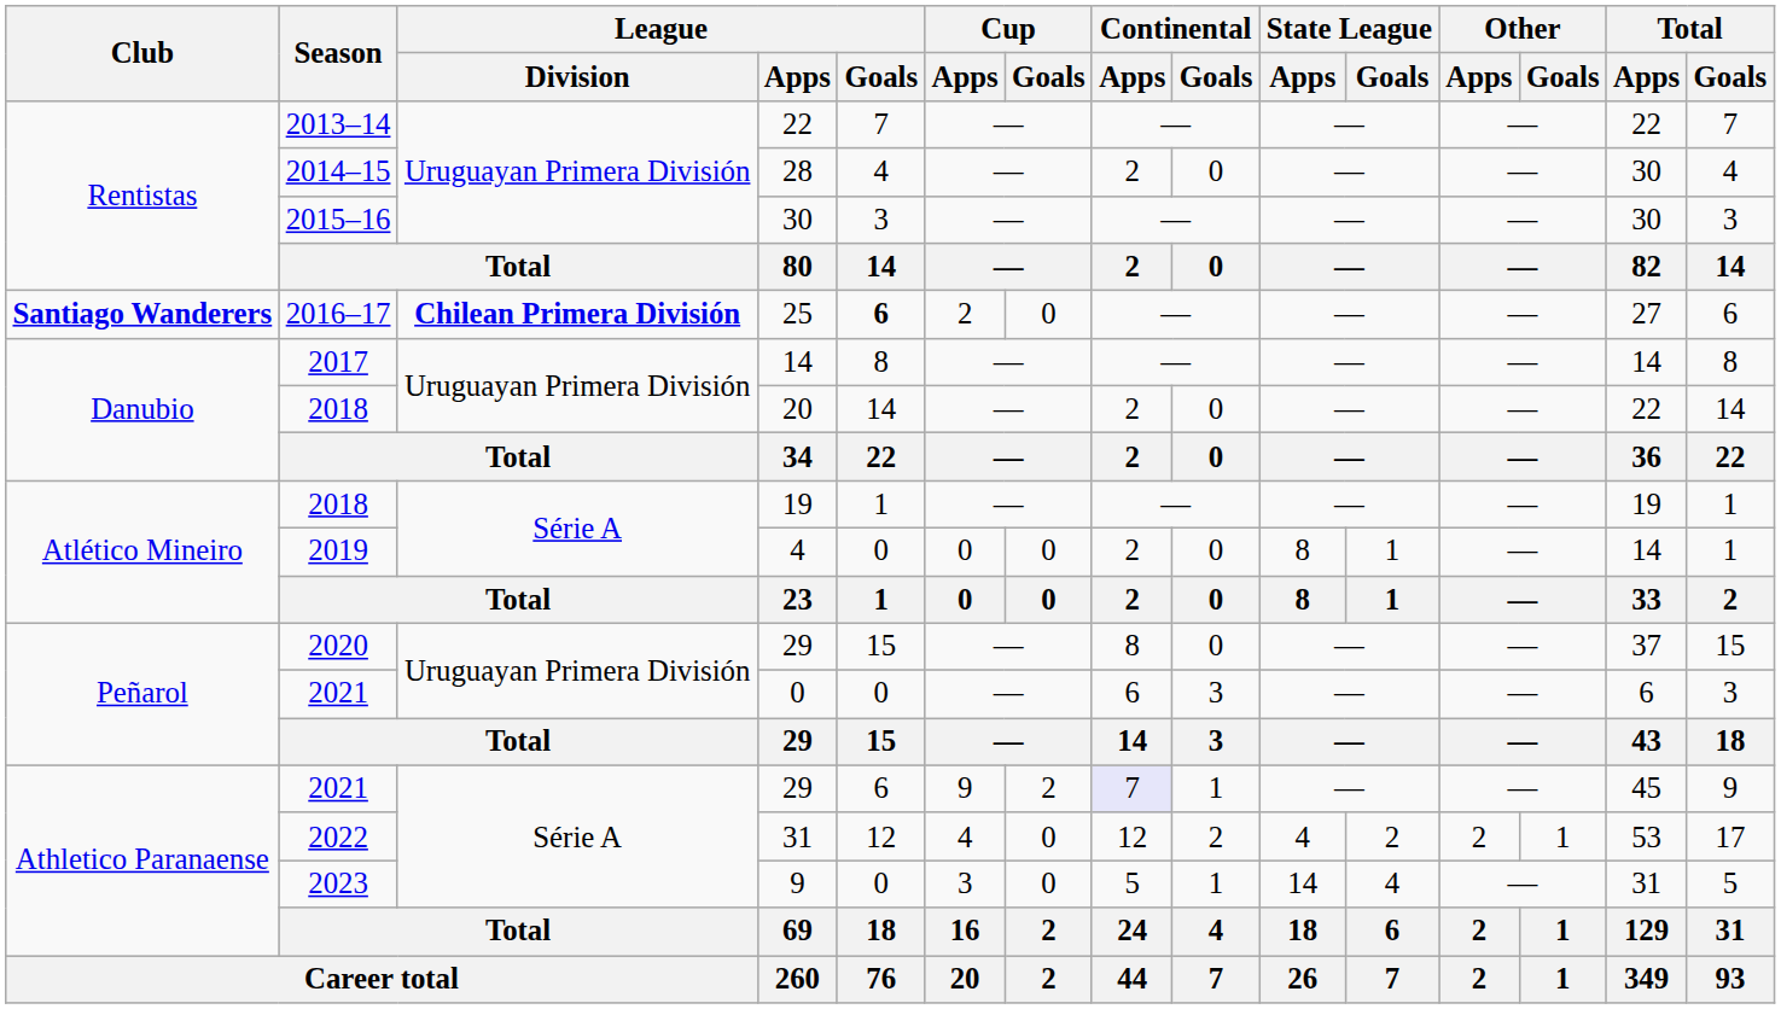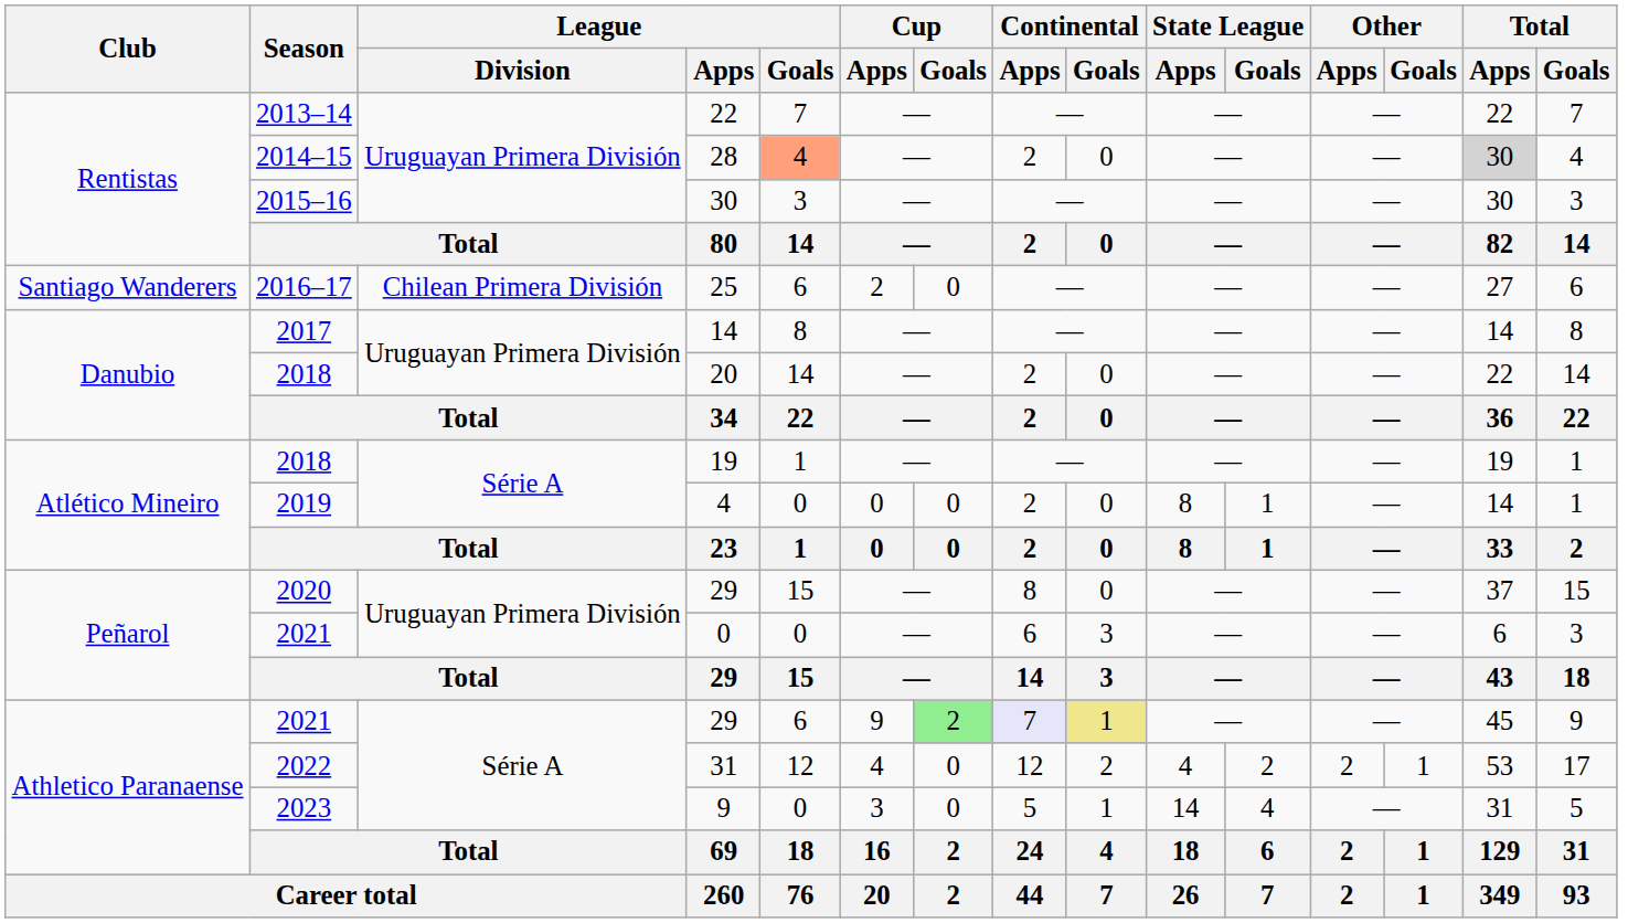 <table class="wikitable" style="text-align: center;">
 <tr>
 <th rowspan="2">Club</th>
 <th rowspan="2">Season</th>
 <th colspan="3">League</th>
 <th colspan="2">Cup</th>
 <th colspan="2">Continental</th>
 <th colspan="2">State League</th>
 <th colspan="2">Other</th>
 <th colspan="2">Total</th>
 </tr>
 <tr>
 <th>Division</th>
 <th>Apps</th>
 <th>Goals</th>
 <th>Apps</th>
 <th>Goals</th>
 <th>Apps</th>
 <th>Goals</th>
 <th>Apps</th>
 <th>Goals</th>
 <th>Apps</th>
 <th>Goals</th>
 <th>Apps</th>
 <th>Goals</th>
 </tr>
 <tr>
 <td rowspan="4"><a href='#'>Rentistas</a></td>
 <td><a href='#'>2013–14</a></td>
 <td rowspan="3"><a href='#'>Uruguayan Primera División</a></td>
 <td>22</td>
 <td>7</td>
 <td colspan="2">—</td>
 <td colspan="2">—</td>
 <td colspan="2">—</td>
 <td colspan="2">—</td>
 <td>22</td>
 <td>7</td>
 </tr>
 <tr>
 <td><a href='#'>2014–15</a></td>
 <td>28</td>
-<td>4</td>
+<td style="background: lightsalmon;">4</td>
 <td colspan="2">—</td>
 <td>2</td>
 <td>0</td>
 <td colspan="2">—</td>
 <td colspan="2">—</td>
-<td>30</td>
+<td style="background: lightgrey;">30</td>
 <td>4</td>
 </tr>
 <tr>
 <td><a href='#'>2015–16</a></td>
 <td>30</td>
 <td>3</td>
 <td colspan="2">—</td>
 <td colspan="2">—</td>
 <td colspan="2">—</td>
 <td colspan="2">—</td>
 <td>30</td>
 <td>3</td>
 </tr>
 <tr>
 <th colspan="2">Total</th>
 <th>80</th>
 <th>14</th>
 <th colspan="2">—</th>
 <th>2</th>
 <th>0</th>
 <th colspan="2">—</th>
 <th colspan="2">—</th>
 <th>82</th>
 <th>14</th>
 </tr>
 <tr>
-<td rowspan="1"><strong><a href='#'>Santiago Wanderers</a></strong></td>
+<td rowspan="1"><a href='#'>Santiago Wanderers</a></td>
 <td><a href='#'>2016–17</a></td>
-<td rowspan="1"><strong><a href='#'>Chilean Primera División</a></strong></td>
+<td rowspan="1"><a href='#'>Chilean Primera División</a></td>
 <td>25</td>
-<td><strong>6</strong></td>
+<td>6</td>
 <td>2</td>
 <td>0</td>
 <td colspan="2">—</td>
 <td colspan="2">—</td>
 <td colspan="2">—</td>
 <td>27</td>
 <td>6</td>
 </tr>
 <tr>
 <td rowspan="3"><a href='#'>Danubio</a></td>
 <td><a href='#'>2017</a></td>
 <td rowspan="2">Uruguayan Primera División</td>
 <td>14</td>
 <td>8</td>
 <td colspan="2">—</td>
 <td colspan="2">—</td>
 <td colspan="2">—</td>
 <td colspan="2">—</td>
 <td>14</td>
 <td>8</td>
 </tr>
 <tr>
 <td><a href='#'>2018</a></td>
 <td>20</td>
 <td>14</td>
 <td colspan="2">—</td>
 <td>2</td>
 <td>0</td>
 <td colspan="2">—</td>
 <td colspan="2">—</td>
 <td>22</td>
 <td>14</td>
 </tr>
 <tr>
 <th colspan="2">Total</th>
 <th>34</th>
 <th>22</th>
 <th colspan="2">—</th>
 <th>2</th>
 <th>0</th>
 <th colspan="2">—</th>
 <th colspan="2">—</th>
 <th>36</th>
 <th>22</th>
 </tr>
 <tr>
 <td rowspan="3"><a href='#'>Atlético Mineiro</a></td>
 <td><a href='#'>2018</a></td>
 <td rowspan="2"><a href='#'>Série A</a></td>
 <td>19</td>
 <td>1</td>
 <td colspan="2">—</td>
 <td colspan="2">—</td>
 <td colspan="2">—</td>
 <td colspan="2">—</td>
 <td>19</td>
 <td>1</td>
 </tr>
 <tr>
 <td><a href='#'>2019</a></td>
 <td>4</td>
 <td>0</td>
 <td>0</td>
 <td>0</td>
 <td>2</td>
 <td>0</td>
 <td>8</td>
 <td>1</td>
 <td colspan="2">—</td>
 <td>14</td>
 <td>1</td>
 </tr>
 <tr>
 <th colspan="2">Total</th>
 <th>23</th>
 <th>1</th>
 <th>0</th>
 <th>0</th>
 <th>2</th>
 <th>0</th>
 <th>8</th>
 <th>1</th>
 <th colspan="2">—</th>
 <th>33</th>
 <th>2</th>
 </tr>
 <tr>
 <td rowspan="3"><a href='#'>Peñarol</a></td>
 <td><a href='#'>2020</a></td>
 <td rowspan="2">Uruguayan Primera División</td>
 <td>29</td>
 <td>15</td>
 <td colspan="2">—</td>
 <td>8</td>
 <td>0</td>
 <td colspan="2">—</td>
 <td colspan="2">—</td>
 <td>37</td>
 <td>15</td>
 </tr>
 <tr>
 <td><a href='#'>2021</a></td>
 <td>0</td>
 <td>0</td>
 <td colspan="2">—</td>
 <td>6</td>
 <td>3</td>
 <td colspan="2">—</td>
 <td colspan="2">—</td>
 <td>6</td>
 <td>3</td>
 </tr>
 <tr>
 <th colspan="2">Total</th>
 <th>29</th>
 <th>15</th>
 <th colspan="2">—</th>
 <th>14</th>
 <th>3</th>
 <th colspan="2">—</th>
 <th colspan="2">—</th>
 <th>43</th>
 <th>18</th>
 </tr>
 <tr>
 <td rowspan="4"><a href='#'>Athletico Paranaense</a></td>
 <td><a href='#'>2021</a></td>
 <td rowspan="3">Série A</td>
 <td>29</td>
 <td>6</td>
 <td>9</td>
-<td>2</td>
+<td style="background: lightgreen;">2</td>
 <td style="background: lavender;">7</td>
-<td>1</td>
+<td style="background: khaki;">1</td>
 <td colspan="2">—</td>
 <td colspan="2">—</td>
 <td>45</td>
 <td>9</td>
 </tr>
 <tr>
 <td><a href='#'>2022</a></td>
 <td>31</td>
 <td>12</td>
 <td>4</td>
 <td>0</td>
 <td>12</td>
 <td>2</td>
 <td>4</td>
 <td>2</td>
 <td>2</td>
 <td>1</td>
 <td>53</td>
 <td>17</td>
 </tr>
 <tr>
 <td><a href='#'>2023</a></td>
 <td>9</td>
 <td>0</td>
 <td>3</td>
 <td>0</td>
 <td>5</td>
 <td>1</td>
 <td>14</td>
 <td>4</td>
 <td colspan="2">—</td>
 <td>31</td>
 <td>5</td>
 </tr>
 <tr>
 <th colspan="2">Total</th>
 <th>69</th>
 <th>18</th>
 <th>16</th>
 <th>2</th>
 <th>24</th>
 <th>4</th>
 <th>18</th>
 <th>6</th>
 <th>2</th>
 <th>1</th>
 <th>129</th>
 <th>31</th>
 </tr>
 <tr>
 <th colspan="3">Career total</th>
 <th>260</th>
 <th>76</th>
 <th>20</th>
 <th>2</th>
 <th>44</th>
 <th>7</th>
 <th>26</th>
 <th>7</th>
 <th>2</th>
 <th>1</th>
 <th>349</th>
 <th>93</th>
 </tr>
 </table>
